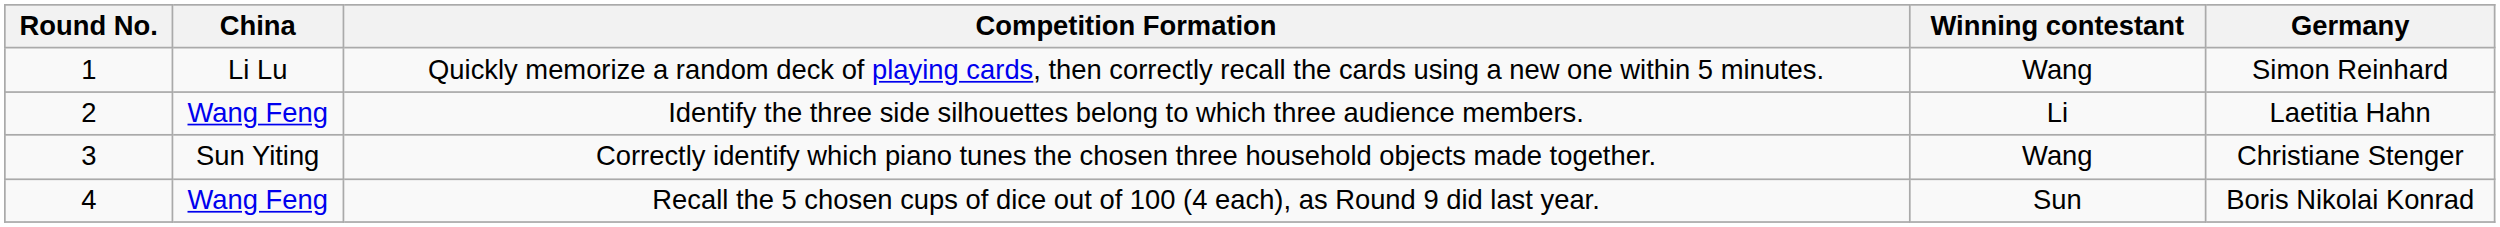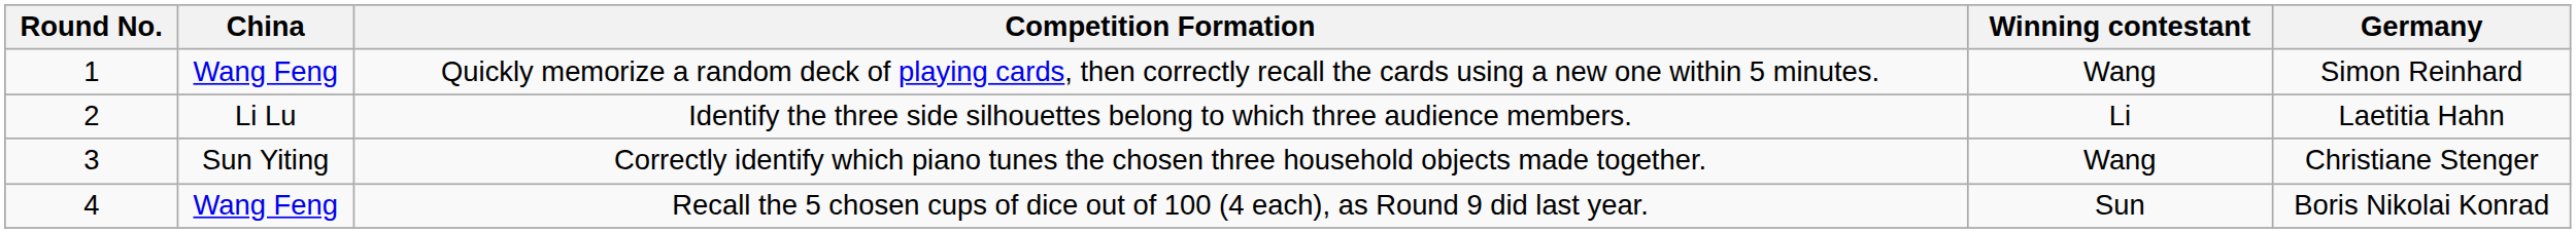 <table class="wikitable" style="width:92%; text-align:center">
 <tr>
 <th>Round No.</th>
 <th>China</th>
 <th>Competition Formation</th>
 <th>Winning contestant</th>
 <th>Germany</th>
 </tr>
 <tr>
 <td>1</td>
-<td>Li Lu</td>
+<td><a href='#'>Wang Feng</a></td>
 <td>Quickly memorize a random deck of <a href='#'>playing cards</a>, then correctly recall the cards using a new one within 5 minutes.</td>
 <td>Wang</td>
 <td>Simon Reinhard</td>
 </tr>
 <tr>
 <td>2</td>
-<td><a href='#'>Wang Feng</a></td>
+<td>Li Lu</td>
 <td>Identify the three side silhouettes belong to which three audience members.</td>
 <td>Li</td>
 <td>Laetitia Hahn</td>
 </tr>
 <tr>
 <td>3</td>
 <td>Sun Yiting</td>
 <td>Correctly identify which piano tunes the chosen three household objects made together.</td>
 <td>Wang</td>
 <td>Christiane Stenger</td>
 </tr>
 <tr>
 <td>4</td>
 <td><a href='#'>Wang Feng</a></td>
 <td>Recall the 5 chosen cups of dice out of 100 (4 each), as Round 9 did last year.</td>
 <td>Sun</td>
 <td>Boris Nikolai Konrad</td>
 </tr>
 </table>
